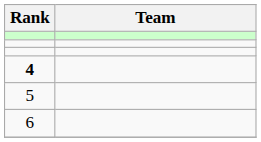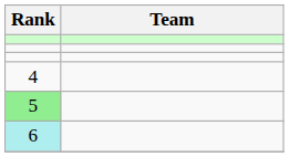 <table class="wikitable" style="text-align:center;">
 <tr>
 <th width=40>Rank</th>
 <th width=180>Team</th>
 </tr>
 <tr bgcolor=#ccffcc>
 <td></td>
 <td style="text-align:left;"></td>
 </tr>
 <tr>
 <td></td>
 <td style="text-align:left;"></td>
 </tr>
 <tr>
 <td></td>
 <td style="text-align:left;"></td>
 </tr>
 <tr>
-<td><strong>4</strong></td>
+<td>4</td>
 <td style="text-align:left;"></td>
 </tr>
 <tr>
-<td>5</td>
+<td style="background: lightgreen;">5</td>
 <td style="text-align:left;"></td>
 </tr>
 <tr>
-<td>6</td>
+<td style="background: paleturquoise;">6</td>
 <td style="text-align:left;"></td>
 </tr>
 <tr>
 </tr>
 </table>
